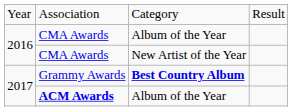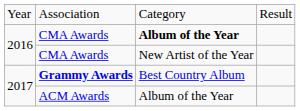 <table class="wikitable plainrowheaders">
 <tr>
 <td>Year</td>
 <td>Association</td>
 <td>Category</td>
 <td>Result</td>
 </tr>
 <tr>
 <td rowspan="2">2016</td>
 <td><a href='#'>CMA Awards</a></td>
-<td>Album of the Year</td>
+<td><strong>Album of the Year</strong></td>
 <td></td>
 </tr>
 <tr>
 <td><a href='#'>CMA Awards</a></td>
 <td>New Artist of the Year</td>
 <td></td>
 </tr>
 <tr>
 <td rowspan="2">2017</td>
-<td><a href='#'>Grammy Awards</a></td>
-<td><strong><a href='#'>Best Country Album</a></strong></td>
+<td><strong><a href='#'>Grammy Awards</a></strong></td>
+<td><a href='#'>Best Country Album</a></td>
 <td></td>
 </tr>
 <tr>
-<td><strong><a href='#'>ACM Awards</a></strong></td>
+<td><a href='#'>ACM Awards</a></td>
 <td>Album of the Year</td>
 <td></td>
 </tr>
 </table>
